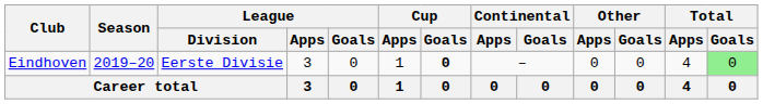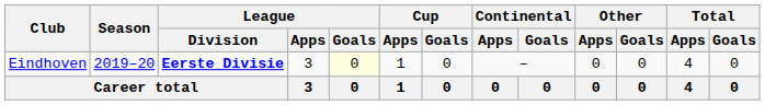 <table class="wikitable" style="text-align: center">
 <tr>
 <th rowspan="2">Club</th>
 <th rowspan="2">Season</th>
 <th colspan="3">League</th>
 <th colspan="2">Cup</th>
 <th colspan="2">Continental</th>
 <th colspan="2">Other</th>
 <th colspan="2">Total</th>
 </tr>
 <tr>
 <th>Division</th>
 <th>Apps</th>
 <th>Goals</th>
 <th>Apps</th>
 <th>Goals</th>
 <th>Apps</th>
 <th>Goals</th>
 <th>Apps</th>
 <th>Goals</th>
 <th>Apps</th>
 <th>Goals</th>
 </tr>
 <tr>
 <td><a href='#'>Eindhoven</a></td>
 <td><a href='#'>2019–20</a></td>
-<td><a href='#'>Eerste Divisie</a></td>
+<td><strong><a href='#'>Eerste Divisie</a></strong></td>
 <td>3</td>
+<td style="background: lightyellow;">0</td>
+<td>1</td>
 <td>0</td>
-<td>1</td>
-<td><strong>0</strong></td>
 <td colspan="2">–</td>
 <td>0</td>
 <td>0</td>
 <td>4</td>
-<td style="background: lightgreen;">0</td>
+<td>0</td>
 </tr>
 <tr>
 <th colspan="3"><strong>Career total</strong></th>
 <th>3</th>
 <th>0</th>
 <th>1</th>
 <th>0</th>
 <th>0</th>
 <th>0</th>
 <th>0</th>
 <th>0</th>
 <th>4</th>
 <th>0</th>
 </tr>
 </table>
